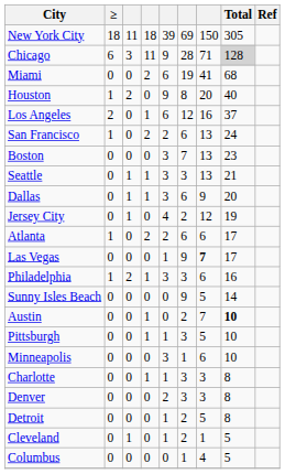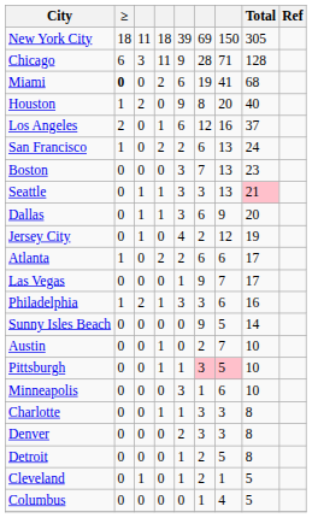 <table class="wikitable mw-datatable sortable static-row-numbers">
 <tr>
 <th>City</th>
 <th>≥</th>
 <th></th>
 <th></th>
 <th></th>
 <th></th>
 <th></th>
 <th>Total</th>
 <th class="unsortable">Ref</th>
 </tr>
 <tr>
 <td><a href='#'>New York City</a></td>
 <td>18</td>
 <td>11</td>
 <td>18</td>
 <td>39</td>
 <td>69</td>
 <td>150</td>
 <td>305</td>
 <td></td>
 </tr>
 <tr>
 <td><a href='#'>Chicago</a></td>
 <td>6</td>
 <td>3</td>
 <td>11</td>
 <td>9</td>
 <td>28</td>
 <td>71</td>
-<td style="background: lightgrey;">128</td>
+<td>128</td>
 <td></td>
 </tr>
 <tr>
 <td><a href='#'>Miami</a></td>
-<td>0</td>
+<td><strong>0</strong></td>
 <td>0</td>
 <td>2</td>
 <td>6</td>
 <td>19</td>
 <td>41</td>
 <td>68</td>
 <td></td>
 </tr>
 <tr>
 <td><a href='#'>Houston</a></td>
 <td>1</td>
 <td>2</td>
 <td>0</td>
 <td>9</td>
 <td>8</td>
 <td>20</td>
 <td>40</td>
 <td></td>
 </tr>
 <tr>
 <td><a href='#'>Los Angeles</a></td>
 <td>2</td>
 <td>0</td>
 <td>1</td>
 <td>6</td>
 <td>12</td>
 <td>16</td>
 <td>37</td>
 <td></td>
 </tr>
 <tr>
 <td><a href='#'>San Francisco</a></td>
 <td>1</td>
 <td>0</td>
 <td>2</td>
 <td>2</td>
 <td>6</td>
 <td>13</td>
 <td>24</td>
 <td></td>
 </tr>
 <tr>
 <td><a href='#'>Boston</a></td>
 <td>0</td>
 <td>0</td>
 <td>0</td>
 <td>3</td>
 <td>7</td>
 <td>13</td>
 <td>23</td>
 <td></td>
 </tr>
 <tr>
 <td><a href='#'>Seattle</a></td>
 <td>0</td>
 <td>1</td>
 <td>1</td>
 <td>3</td>
 <td>3</td>
 <td>13</td>
-<td>21</td>
+<td style="background: pink;">21</td>
 <td></td>
 </tr>
 <tr>
 <td><a href='#'>Dallas</a></td>
 <td>0</td>
 <td>1</td>
 <td>1</td>
 <td>3</td>
 <td>6</td>
 <td>9</td>
 <td>20</td>
 <td></td>
 </tr>
 <tr>
 <td><a href='#'>Jersey City</a></td>
 <td>0</td>
 <td>1</td>
 <td>0</td>
 <td>4</td>
 <td>2</td>
 <td>12</td>
 <td>19</td>
 <td></td>
 </tr>
 <tr>
 <td><a href='#'>Atlanta</a></td>
 <td>1</td>
 <td>0</td>
 <td>2</td>
 <td>2</td>
 <td>6</td>
 <td>6</td>
 <td>17</td>
 <td></td>
 </tr>
 <tr>
 <td><a href='#'>Las Vegas</a></td>
 <td>0</td>
 <td>0</td>
 <td>0</td>
 <td>1</td>
 <td>9</td>
-<td><strong>7</strong></td>
+<td>7</td>
 <td>17</td>
 <td></td>
 </tr>
 <tr>
 <td><a href='#'>Philadelphia</a></td>
 <td>1</td>
 <td>2</td>
 <td>1</td>
 <td>3</td>
 <td>3</td>
 <td>6</td>
 <td>16</td>
 <td></td>
 </tr>
 <tr>
 <td><a href='#'>Sunny Isles Beach</a></td>
 <td>0</td>
 <td>0</td>
 <td>0</td>
 <td>0</td>
 <td>9</td>
 <td>5</td>
 <td>14</td>
 <td></td>
 </tr>
 <tr>
 <td><a href='#'>Austin</a></td>
 <td>0</td>
 <td>0</td>
 <td>1</td>
 <td>0</td>
 <td>2</td>
 <td>7</td>
-<td><strong>10</strong></td>
+<td>10</td>
 <td></td>
 </tr>
 <tr>
 <td><a href='#'>Pittsburgh</a></td>
 <td>0</td>
 <td>0</td>
 <td>1</td>
 <td>1</td>
-<td>3</td>
-<td>5</td>
+<td style="background: pink;">3</td>
+<td style="background: pink;">5</td>
 <td>10</td>
 <td></td>
 </tr>
 <tr>
 <td><a href='#'>Minneapolis</a></td>
 <td>0</td>
 <td>0</td>
 <td>0</td>
 <td>3</td>
 <td>1</td>
 <td>6</td>
 <td>10</td>
 <td></td>
 </tr>
 <tr>
 <td><a href='#'>Charlotte</a></td>
 <td>0</td>
 <td>0</td>
 <td>1</td>
 <td>1</td>
 <td>3</td>
 <td>3</td>
 <td>8</td>
 <td></td>
 </tr>
 <tr>
 <td><a href='#'>Denver</a></td>
 <td>0</td>
 <td>0</td>
 <td>0</td>
 <td>2</td>
 <td>3</td>
 <td>3</td>
 <td>8</td>
 <td></td>
 </tr>
 <tr>
 <td><a href='#'>Detroit</a></td>
 <td>0</td>
 <td>0</td>
 <td>0</td>
 <td>1</td>
 <td>2</td>
 <td>5</td>
 <td>8</td>
 <td></td>
 </tr>
 <tr>
 <td><a href='#'>Cleveland</a></td>
 <td>0</td>
 <td>1</td>
 <td>0</td>
 <td>1</td>
 <td>2</td>
 <td>1</td>
 <td>5</td>
 <td></td>
 </tr>
 <tr>
 <td><a href='#'>Columbus</a></td>
 <td>0</td>
 <td>0</td>
 <td>0</td>
 <td>0</td>
 <td>1</td>
 <td>4</td>
 <td>5</td>
 <td></td>
 </tr>
 <tr>
 </tr>
 </table>
